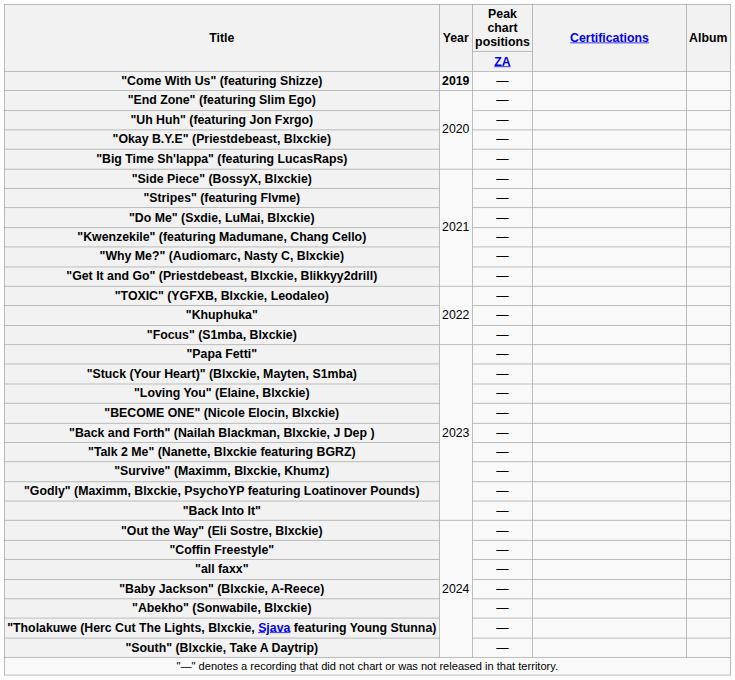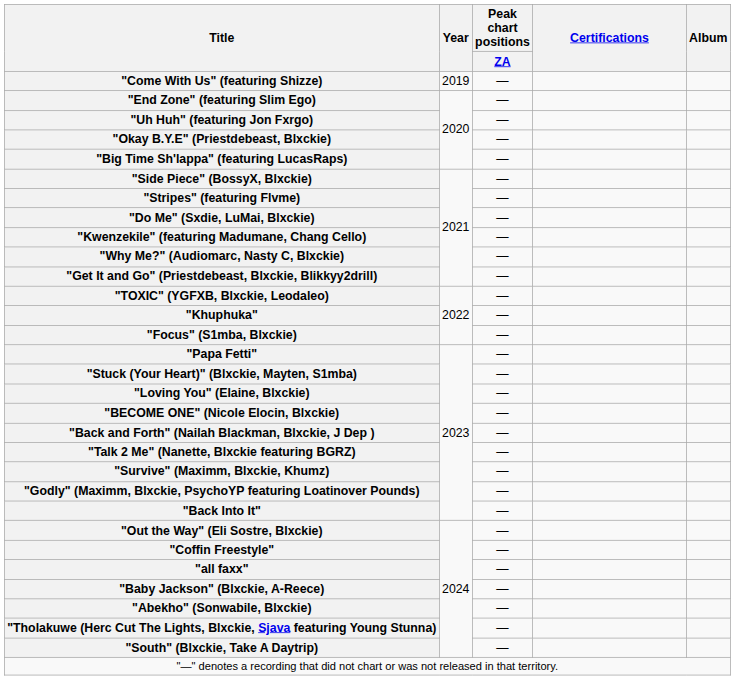 <table class="wikitable plainrowheaders" style="text-align:center;">
 <tr>
 <th scope="col" rowspan="2">Title</th>
 <th scope="col" rowspan="2">Year</th>
 <th scope="col" colspan="1">Peak chart positions</th>
 <th scope="col" rowspan="2" style="width:12em;"><a href='#'>Certifications</a></th>
 <th scope="col" rowspan="2">Album</th>
 </tr>
 <tr>
 <th scope="col" style="width:3em;font-size:100%;"><a href='#'>ZA</a><br></th>
 </tr>
 <tr>
 <th scope="row">"Come With Us" (featuring Shizze)</th>
-<td><strong>2019</strong></td>
+<td>2019</td>
 <td>—</td>
 <td></td>
 <td></td>
 </tr>
 <tr>
 <th scope="row">"End Zone" (featuring Slim Ego)</th>
 <td rowspan=4>2020</td>
 <td>—</td>
 <td></td>
 <td></td>
 </tr>
 <tr>
 <th scope="row">"Uh Huh" (featuring Jon Fxrgo)</th>
 <td>—</td>
 <td></td>
 <td></td>
 </tr>
 <tr>
 <th scope="row">"Okay B.Y.E" (Priestdebeast, Blxckie)</th>
 <td>—</td>
 <td></td>
 <td></td>
 </tr>
 <tr>
 <th scope="row">"Big Time Sh'lappa" (featuring LucasRaps)</th>
 <td>—</td>
 <td></td>
 <td></td>
 </tr>
 <tr>
 <th scope="row">"Side Piece" (BossyX, Blxckie)</th>
 <td rowspan=6>2021</td>
 <td>—</td>
 <td></td>
 <td></td>
 </tr>
 <tr>
 <th scope="row">"Stripes" (featuring Flvme)</th>
 <td>—</td>
 <td></td>
 <td></td>
 </tr>
 <tr>
 <th scope="row">"Do Me" (Sxdie, LuMai, Blxckie)</th>
 <td>—</td>
 <td></td>
 <td></td>
 </tr>
 <tr>
 <th scope="row">"Kwenzekile" (featuring Madumane, Chang Cello)</th>
 <td>—</td>
 <td></td>
 <td></td>
 </tr>
 <tr>
 <th scope="row">"Why Me?" (Audiomarc, Nasty C, Blxckie)</th>
 <td>—</td>
 <td></td>
 <td></td>
 </tr>
 <tr>
 <th scope="row">"Get It and Go" (Priestdebeast, Blxckie, Blikkyy2drill)</th>
 <td>—</td>
 <td></td>
 <td></td>
 </tr>
 <tr>
 <th scope="row">"TOXIC" (YGFXB, Blxckie, Leodaleo)</th>
 <td rowspan=3>2022</td>
 <td>—</td>
 <td></td>
 <td></td>
 </tr>
 <tr>
 <th scope="row">"Khuphuka"</th>
 <td>—</td>
 <td></td>
 <td></td>
 </tr>
 <tr>
 <th scope="row">"Focus" (S1mba, Blxckie)</th>
 <td>—</td>
 <td></td>
 <td></td>
 </tr>
 <tr>
 <th scope="row">"Papa Fetti"</th>
 <td rowspan=9>2023</td>
 <td>—</td>
 <td></td>
 <td></td>
 </tr>
 <tr>
 <th scope="row">"Stuck (Your Heart)" (Blxckie, Mayten, S1mba)</th>
 <td>—</td>
 <td></td>
 <td></td>
 </tr>
 <tr>
 <th scope="row">"Loving You" (Elaine, Blxckie)</th>
 <td>—</td>
 <td></td>
 <td></td>
 </tr>
 <tr>
 <th scope="row">"BECOME ONE" (Nicole Elocin, Blxckie)</th>
 <td>—</td>
 <td></td>
 <td></td>
 </tr>
 <tr>
 <th scope="row">"Back and Forth" (Nailah Blackman, Blxckie, J Dep )</th>
 <td>—</td>
 <td></td>
 <td></td>
 </tr>
 <tr>
 <th scope="row">"Talk 2 Me" (Nanette, Blxckie featuring BGRZ)</th>
 <td>—</td>
 <td></td>
 <td></td>
 </tr>
 <tr>
 <th scope="row">"Survive" (Maximm, Blxckie, Khumz)</th>
 <td>—</td>
 <td></td>
 <td></td>
 </tr>
 <tr>
 <th scope="row">"Godly" (Maximm, Blxckie, PsychoYP featuring Loatinover Pounds)</th>
 <td>—</td>
 <td></td>
 <td></td>
 </tr>
 <tr>
 <th scope="row">"Back Into It"</th>
 <td>—</td>
 <td></td>
 <td></td>
 </tr>
 <tr>
 <th scope="row">"Out the Way" (Eli Sostre, Blxckie)</th>
 <td rowspan=7>2024</td>
 <td>—</td>
 <td></td>
 <td></td>
 </tr>
 <tr>
 <th scope="row">"Coffin Freestyle"</th>
 <td>—</td>
 <td></td>
 <td></td>
 </tr>
 <tr>
 <th scope="row">"all faxx"</th>
 <td>—</td>
 <td></td>
 <td></td>
 </tr>
 <tr>
 <th scope="row">"Baby Jackson" (Blxckie, A-Reece)</th>
 <td>—</td>
 <td></td>
 <td></td>
 </tr>
 <tr>
 <th scope="row">"Abekho" (Sonwabile, Blxckie)</th>
 <td>—</td>
 <td></td>
 <td></td>
 </tr>
 <tr>
 <th scope="row">"Tholakuwe (Herc Cut The Lights, Blxckie, <a href='#'>Sjava</a> featuring Young Stunna)</th>
 <td>—</td>
 <td></td>
 <td></td>
 </tr>
 <tr>
 <th scope="row">"South" (Blxckie, Take A Daytrip)</th>
 <td>—</td>
 <td></td>
 <td></td>
 </tr>
 <tr>
 <td colspan="8" style="font-size:90%">"—" denotes a recording that did not chart or was not released in that territory.</td>
 </tr>
 </table>
